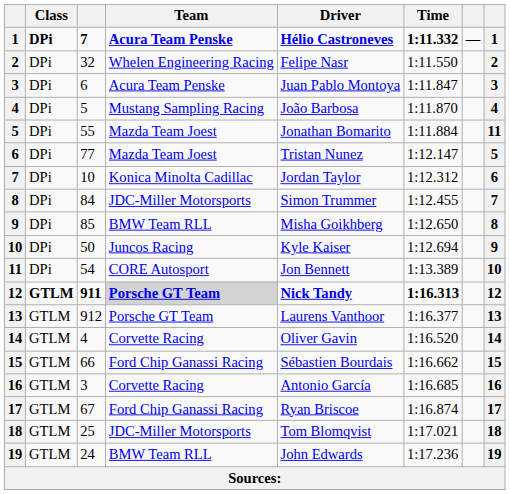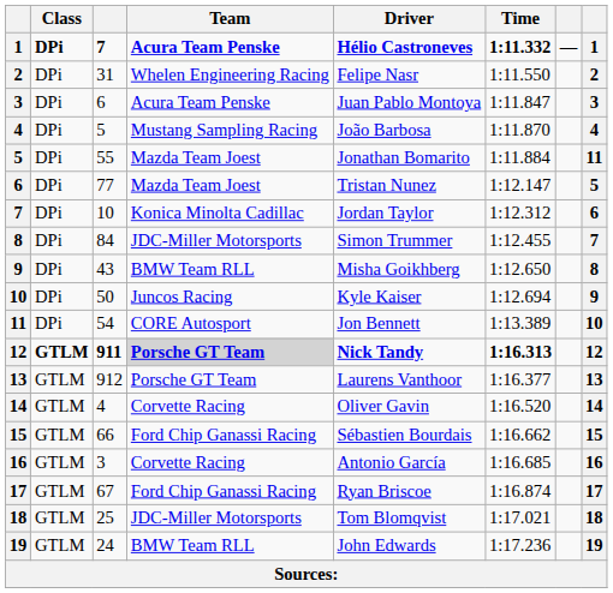 <table class="wikitable">
 <tr>
 <th scope="col"></th>
 <th scope="col">Class</th>
 <th scope="col"></th>
 <th scope="col">Team</th>
 <th scope="col">Driver</th>
 <th scope="col">Time</th>
 <th scope="col"></th>
 <th scope="col"></th>
 </tr>
 <tr style="font-weight:bold">
 <th scope="row">1</th>
 <td>DPi</td>
 <td>7</td>
 <td> <a href='#'>Acura Team Penske</a></td>
 <td> <a href='#'>Hélio Castroneves</a></td>
 <td>1:11.332</td>
 <td>—</td>
 <th><strong>1</strong></th>
 </tr>
 <tr>
 <th scope="row">2</th>
 <td>DPi</td>
-<td>32</td>
+<td>31</td>
 <td> <a href='#'>Whelen Engineering Racing</a></td>
 <td> <a href='#'>Felipe Nasr</a></td>
 <td>1:11.550</td>
 <td></td>
 <th>2</th>
 </tr>
 <tr>
 <th scope="row">3</th>
 <td>DPi</td>
 <td>6</td>
 <td> <a href='#'>Acura Team Penske</a></td>
 <td> <a href='#'>Juan Pablo Montoya</a></td>
 <td>1:11.847</td>
 <td></td>
 <th>3</th>
 </tr>
 <tr>
 <th scope="row">4</th>
 <td>DPi</td>
 <td>5</td>
 <td> <a href='#'>Mustang Sampling Racing</a></td>
 <td> <a href='#'>João Barbosa</a></td>
 <td>1:11.870</td>
 <td></td>
 <th>4</th>
 </tr>
 <tr>
 <th scope="row">5</th>
 <td>DPi</td>
 <td>55</td>
 <td> <a href='#'>Mazda Team Joest</a></td>
 <td> <a href='#'>Jonathan Bomarito</a></td>
 <td>1:11.884</td>
 <td></td>
 <th>11<small></small></th>
 </tr>
 <tr>
 <th scope="row">6</th>
 <td>DPi</td>
 <td>77</td>
 <td> <a href='#'>Mazda Team Joest</a></td>
 <td> <a href='#'>Tristan Nunez</a></td>
 <td>1:12.147</td>
 <td></td>
 <th>5</th>
 </tr>
 <tr>
 <th scope="row">7</th>
 <td>DPi</td>
 <td>10</td>
 <td> <a href='#'>Konica Minolta Cadillac</a></td>
 <td> <a href='#'>Jordan Taylor</a></td>
 <td>1:12.312</td>
 <td></td>
 <th>6</th>
 </tr>
 <tr>
 <th scope="row">8</th>
 <td>DPi</td>
 <td>84</td>
 <td> <a href='#'>JDC-Miller Motorsports</a></td>
 <td> <a href='#'>Simon Trummer</a></td>
 <td>1:12.455</td>
 <td></td>
 <th>7</th>
 </tr>
 <tr>
 <th scope="row">9</th>
 <td>DPi</td>
-<td>85</td>
+<td>43</td>
 <td> <a href='#'>BMW Team RLL</a></td>
 <td> <a href='#'>Misha Goikhberg</a></td>
 <td>1:12.650</td>
 <td></td>
 <th>8</th>
 </tr>
 <tr>
 <th scope="row">10</th>
 <td>DPi</td>
 <td>50</td>
 <td> <a href='#'>Juncos Racing</a></td>
 <td> <a href='#'>Kyle Kaiser</a></td>
 <td>1:12.694</td>
 <td></td>
 <th>9</th>
 </tr>
 <tr>
 <th scope="row">11</th>
 <td>DPi</td>
 <td>54</td>
 <td> <a href='#'>CORE Autosport</a></td>
 <td> <a href='#'>Jon Bennett</a></td>
 <td>1:13.389</td>
 <td></td>
 <th>10</th>
 </tr>
 <tr style="font-weight:bold">
 <th scope="row">12</th>
 <td>GTLM</td>
 <td>911</td>
 <td style="background: lightgrey;"> <a href='#'>Porsche GT Team</a></td>
 <td> <a href='#'>Nick Tandy</a></td>
 <td>1:16.313</td>
 <td></td>
 <th><strong>12</strong></th>
 </tr>
 <tr>
 <th scope="row">13</th>
 <td>GTLM</td>
 <td>912</td>
 <td> <a href='#'>Porsche GT Team</a></td>
 <td> <a href='#'>Laurens Vanthoor</a></td>
 <td>1:16.377</td>
 <td></td>
 <th>13</th>
 </tr>
 <tr>
 <th scope="row">14</th>
 <td>GTLM</td>
 <td>4</td>
 <td> <a href='#'>Corvette Racing</a></td>
 <td> <a href='#'>Oliver Gavin</a></td>
 <td>1:16.520</td>
 <td></td>
 <th>14</th>
 </tr>
 <tr>
 <th scope="row">15</th>
 <td>GTLM</td>
 <td>66</td>
 <td> <a href='#'>Ford Chip Ganassi Racing</a></td>
 <td> <a href='#'>Sébastien Bourdais</a></td>
 <td>1:16.662</td>
 <td></td>
 <th>15</th>
 </tr>
 <tr>
 <th scope="row">16</th>
 <td>GTLM</td>
 <td>3</td>
 <td> <a href='#'>Corvette Racing</a></td>
 <td> <a href='#'>Antonio García</a></td>
 <td>1:16.685</td>
 <td></td>
 <th>16</th>
 </tr>
 <tr>
 <th scope="row">17</th>
 <td>GTLM</td>
 <td>67</td>
 <td> <a href='#'>Ford Chip Ganassi Racing</a></td>
 <td> <a href='#'>Ryan Briscoe</a></td>
 <td>1:16.874</td>
 <td></td>
 <th>17</th>
 </tr>
 <tr>
 <th scope="row">18</th>
 <td>GTLM</td>
 <td>25</td>
 <td> <a href='#'>JDC-Miller Motorsports</a></td>
 <td> <a href='#'>Tom Blomqvist</a></td>
 <td>1:17.021</td>
 <td></td>
 <th>18</th>
 </tr>
 <tr>
 <th scope="row">19</th>
 <td>GTLM</td>
 <td>24</td>
 <td> <a href='#'>BMW Team RLL</a></td>
 <td> <a href='#'>John Edwards</a></td>
 <td>1:17.236</td>
 <td></td>
 <th>19</th>
 </tr>
 <tr>
 <th colspan="8">Sources:</th>
 </tr>
 <tr>
 </tr>
 </table>
